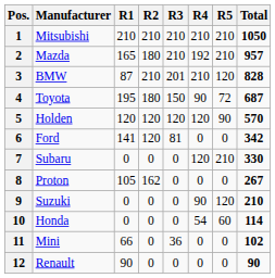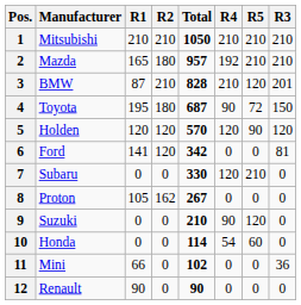 <table class="wikitable" style="font-size:90%;">
 <tr style="font-weight:bold">
 <th>Pos.</th>
 <th>Manufacturer</th>
 <th>R1</th>
 <th>R2</th>
-<th>R3</th>
+<th>Total</th>
 <th>R4</th>
 <th>R5</th>
-<th>Total</th>
+<th>R3</th>
 </tr>
 <tr>
 <th>1</th>
 <td><a href='#'>Mitsubishi</a></td>
 <td style="text-align:center;">210</td>
 <td style="text-align:center;">210</td>
+<td style="text-align:center;"><strong>1050</strong></td>
 <td style="text-align:center;">210</td>
 <td style="text-align:center;">210</td>
 <td style="text-align:center;">210</td>
-<td style="text-align:center;"><strong>1050</strong></td>
 </tr>
 <tr>
 <th>2</th>
 <td><a href='#'>Mazda</a></td>
 <td style="text-align:center;">165</td>
 <td style="text-align:center;">180</td>
-<td style="text-align:center;">210</td>
+<td style="text-align:center;"><strong>957</strong></td>
 <td style="text-align:center;">192</td>
 <td style="text-align:center;">210</td>
-<td style="text-align:center;"><strong>957</strong></td>
+<td style="text-align:center;">210</td>
 </tr>
 <tr>
 <th>3</th>
 <td><a href='#'>BMW</a></td>
 <td style="text-align:center;">87</td>
 <td style="text-align:center;">210</td>
-<td style="text-align:center;">201</td>
+<td style="text-align:center;"><strong>828</strong></td>
 <td style="text-align:center;">210</td>
 <td style="text-align:center;">120</td>
-<td style="text-align:center;"><strong>828</strong></td>
+<td style="text-align:center;">201</td>
 </tr>
 <tr>
 <th>4</th>
 <td><a href='#'>Toyota</a></td>
 <td style="text-align:center;">195</td>
 <td style="text-align:center;">180</td>
-<td style="text-align:center;">150</td>
+<td style="text-align:center;"><strong>687</strong></td>
 <td style="text-align:center;">90</td>
 <td style="text-align:center;">72</td>
-<td style="text-align:center;"><strong>687</strong></td>
+<td style="text-align:center;">150</td>
 </tr>
 <tr>
 <th>5</th>
 <td><a href='#'>Holden</a></td>
 <td style="text-align:center;">120</td>
 <td style="text-align:center;">120</td>
-<td style="text-align:center;">120</td>
+<td style="text-align:center;"><strong>570</strong></td>
 <td style="text-align:center;">120</td>
 <td style="text-align:center;">90</td>
-<td style="text-align:center;"><strong>570</strong></td>
+<td style="text-align:center;">120</td>
 </tr>
 <tr>
 <th>6</th>
 <td><a href='#'>Ford</a></td>
 <td style="text-align:center;">141</td>
 <td style="text-align:center;">120</td>
-<td style="text-align:center;">81</td>
+<td style="text-align:center;"><strong>342</strong></td>
 <td style="text-align:center;">0</td>
 <td style="text-align:center;">0</td>
-<td style="text-align:center;"><strong>342</strong></td>
+<td style="text-align:center;">81</td>
 </tr>
 <tr>
 <th>7</th>
 <td><a href='#'>Subaru</a></td>
 <td style="text-align:center;">0</td>
 <td style="text-align:center;">0</td>
-<td style="text-align:center;">0</td>
+<td style="text-align:center;"><strong>330</strong></td>
 <td style="text-align:center;">120</td>
 <td style="text-align:center;">210</td>
-<td style="text-align:center;"><strong>330</strong></td>
+<td style="text-align:center;">0</td>
 </tr>
 <tr>
 <th>8</th>
 <td><a href='#'>Proton</a></td>
 <td style="text-align:center;">105</td>
 <td style="text-align:center;">162</td>
+<td style="text-align:center;"><strong>267</strong></td>
 <td style="text-align:center;">0</td>
 <td style="text-align:center;">0</td>
 <td style="text-align:center;">0</td>
-<td style="text-align:center;"><strong>267</strong></td>
 </tr>
 <tr>
 <th>9</th>
 <td><a href='#'>Suzuki</a></td>
 <td style="text-align:center;">0</td>
 <td style="text-align:center;">0</td>
-<td style="text-align:center;">0</td>
+<td style="text-align:center;"><strong>210</strong></td>
 <td style="text-align:center;">90</td>
 <td style="text-align:center;">120</td>
-<td style="text-align:center;"><strong>210</strong></td>
+<td style="text-align:center;">0</td>
 </tr>
 <tr>
 <th>10</th>
 <td><a href='#'>Honda</a></td>
 <td style="text-align:center;">0</td>
 <td style="text-align:center;">0</td>
-<td style="text-align:center;">0</td>
+<td style="text-align:center;"><strong>114</strong></td>
 <td style="text-align:center;">54</td>
 <td style="text-align:center;">60</td>
-<td style="text-align:center;"><strong>114</strong></td>
+<td style="text-align:center;">0</td>
 </tr>
 <tr>
 <th>11</th>
 <td><a href='#'>Mini</a></td>
 <td style="text-align:center;">66</td>
 <td style="text-align:center;">0</td>
-<td style="text-align:center;">36</td>
+<td style="text-align:center;"><strong>102</strong></td>
 <td style="text-align:center;">0</td>
 <td style="text-align:center;">0</td>
-<td style="text-align:center;"><strong>102</strong></td>
+<td style="text-align:center;">36</td>
 </tr>
 <tr>
 <th>12</th>
 <td><a href='#'>Renault</a></td>
 <td style="text-align:center;">90</td>
 <td style="text-align:center;">0</td>
+<td style="text-align:center;"><strong>90</strong></td>
 <td style="text-align:center;">0</td>
 <td style="text-align:center;">0</td>
 <td style="text-align:center;">0</td>
-<td style="text-align:center;"><strong>90</strong></td>
 </tr>
 </table>
